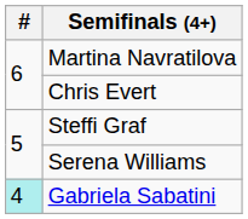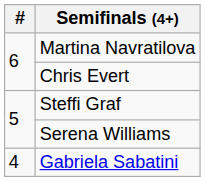 <table class="wikitable" style="display:inline-table;">
 <tr>
 <th width=20>#</th>
 <th>Semifinals <small>(4+)</small></th>
 </tr>
 <tr>
 <td rowspan=2>6</td>
 <td> Martina Navratilova</td>
 </tr>
 <tr>
 <td> Chris Evert</td>
 </tr>
 <tr>
 <td rowspan=2>5</td>
 <td> Steffi Graf</td>
 </tr>
 <tr>
 <td> Serena Williams</td>
 </tr>
 <tr>
-<td style="background: paleturquoise;">4</td>
+<td>4</td>
 <td> <a href='#'>Gabriela Sabatini</a><br></td>
 </tr>
 </table>
